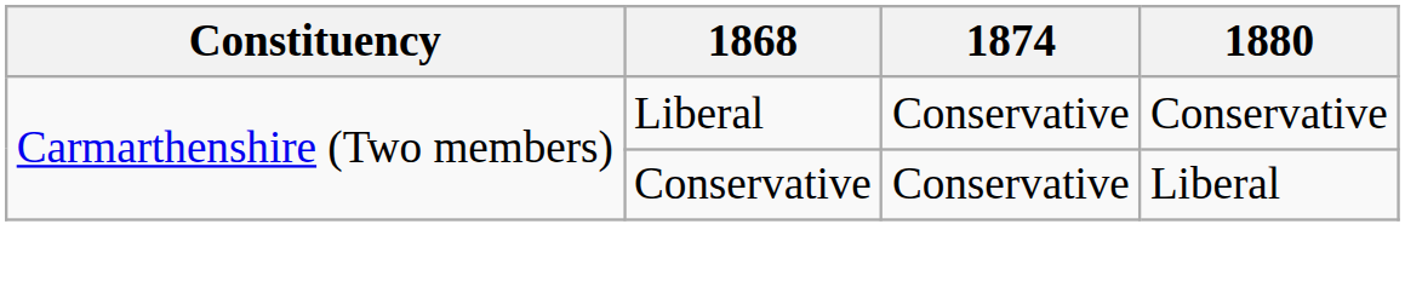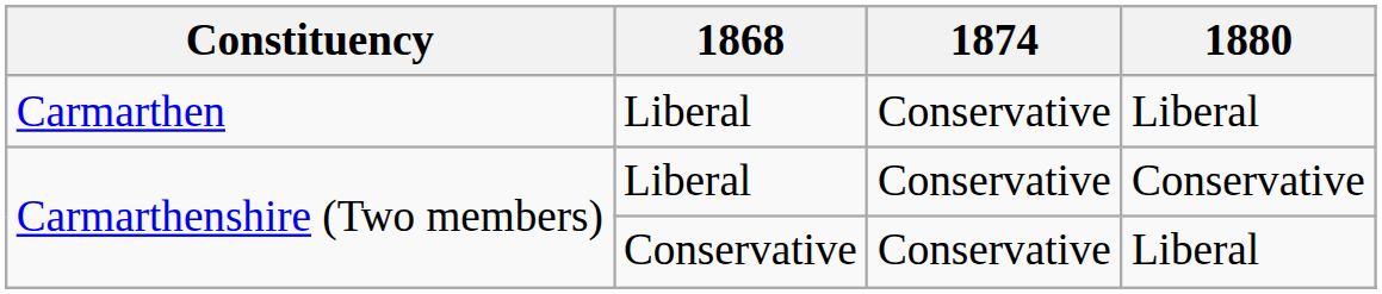 <table class="wikitable">
 <tr>
 <th>Constituency</th>
 <th>1868</th>
 <th>1874</th>
 <th>1880</th>
+</tr>
+<tr>
+<td><a href='#'>Carmarthen</a></td>
+<td>Liberal</td>
+<td>Conservative</td>
+<td>Liberal</td>
 </tr>
 <tr>
 <td rowspan="2"><a href='#'>Carmarthenshire</a> (Two members)</td>
 <td>Liberal</td>
 <td>Conservative</td>
 <td>Conservative</td>
 </tr>
 <tr>
 <td>Conservative</td>
 <td>Conservative</td>
 <td>Liberal</td>
 </tr>
 </table>
